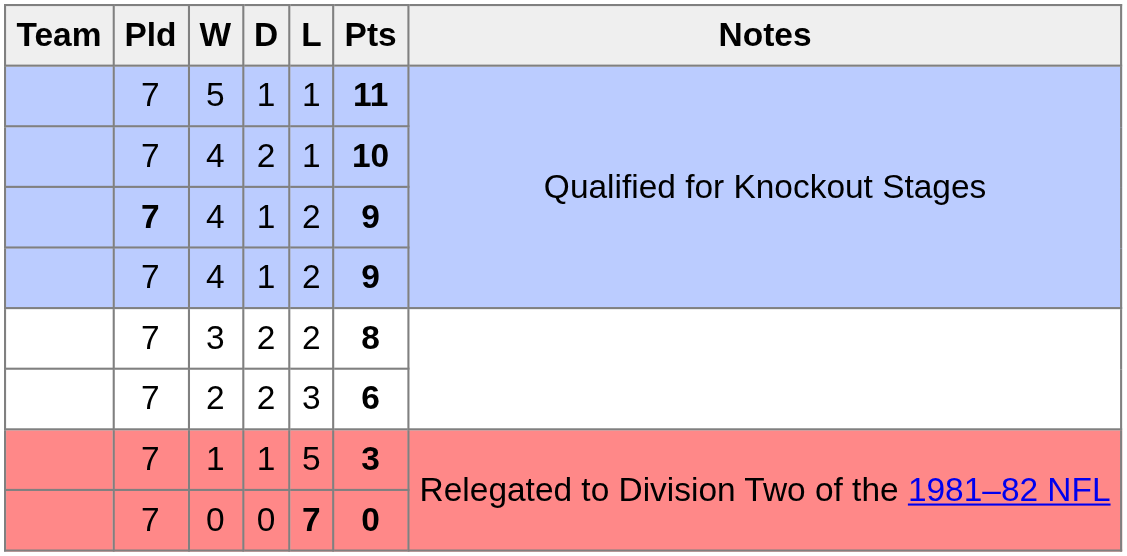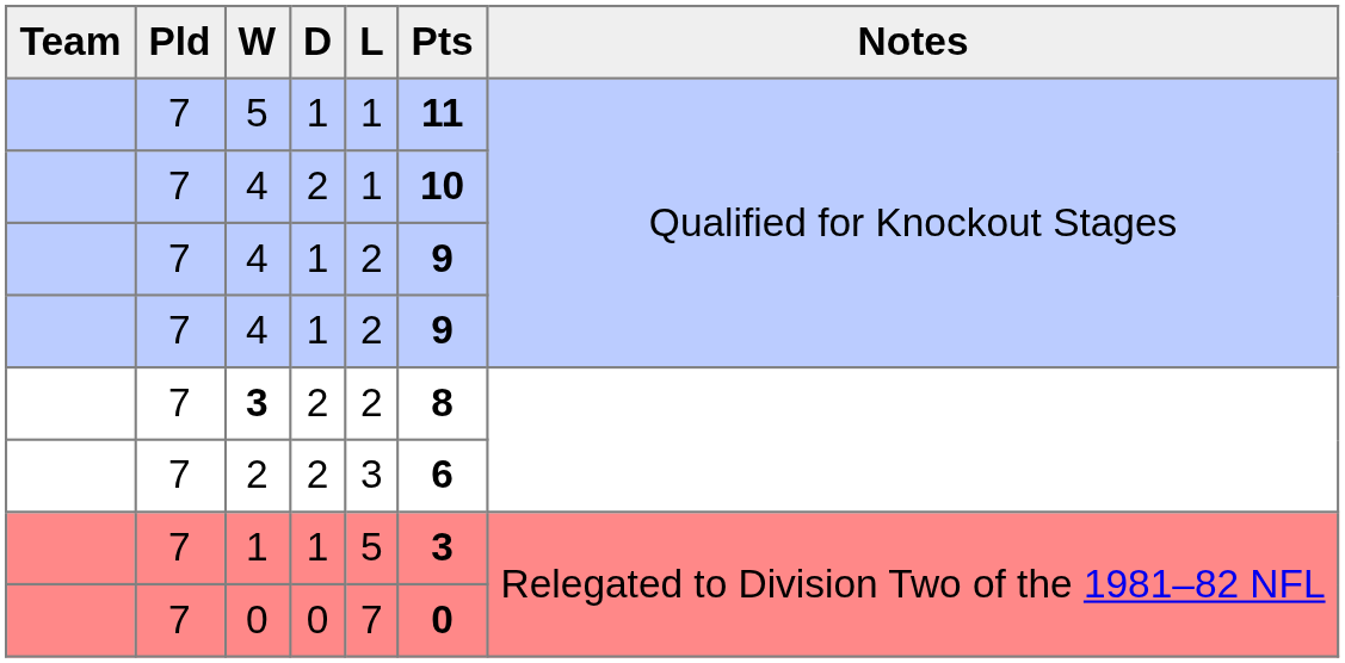 <table style=border-collapse:collapse border=1 cellspacing=0 cellpadding=5>
 <tr align=center bgcolor=#efefef>
 <th>Team</th>
 <th>Pld</th>
 <th>W</th>
 <th>D</th>
 <th>L</th>
 <th>Pts</th>
 <th>Notes</th>
 </tr>
 <tr align=center style="background:#bbccff;">
 <td style="text-align:left;"> </td>
 <td>7</td>
 <td>5</td>
 <td>1</td>
 <td>1</td>
 <td><strong>11</strong></td>
 <td rowspan=4>Qualified for Knockout Stages</td>
 </tr>
 <tr align=center style="background:#bbccff;">
 <td style="text-align:left;"> </td>
 <td>7</td>
 <td>4</td>
 <td>2</td>
 <td>1</td>
 <td><strong>10</strong></td>
 </tr>
 <tr align=center style="background:#bbccff;">
 <td style="text-align:left;"> </td>
-<td><strong>7</strong></td>
+<td>7</td>
 <td>4</td>
 <td>1</td>
 <td>2</td>
 <td><strong>9</strong></td>
 </tr>
 <tr align=center style="background:#bbccff;">
 <td style="text-align:left;"> </td>
 <td>7</td>
 <td>4</td>
 <td>1</td>
 <td>2</td>
 <td><strong>9</strong></td>
 </tr>
 <tr align=center style="background:#FFFFFF;">
 <td style="text-align:left;"> </td>
 <td>7</td>
-<td>3</td>
+<td><strong>3</strong></td>
 <td>2</td>
 <td>2</td>
 <td><strong>8</strong></td>
 <td rowspan=2></td>
 </tr>
 <tr align=center style="background:#FFFFFF;">
 <td style="text-align:left;"> </td>
 <td>7</td>
 <td>2</td>
 <td>2</td>
 <td>3</td>
 <td><strong>6</strong></td>
 </tr>
 <tr align=center style="background:#FF8888;">
 <td style="text-align:left;"> </td>
 <td>7</td>
 <td>1</td>
 <td>1</td>
 <td>5</td>
 <td><strong>3</strong></td>
 <td rowspan=2>Relegated to Division Two of the <a href='#'>1981–82 NFL</a></td>
 </tr>
 <tr align=center style="background:#FF8888;">
 <td style="text-align:left;"> </td>
 <td>7</td>
 <td>0</td>
 <td>0</td>
-<td><strong>7</strong></td>
+<td>7</td>
 <td><strong>0</strong></td>
 </tr>
 </table>
